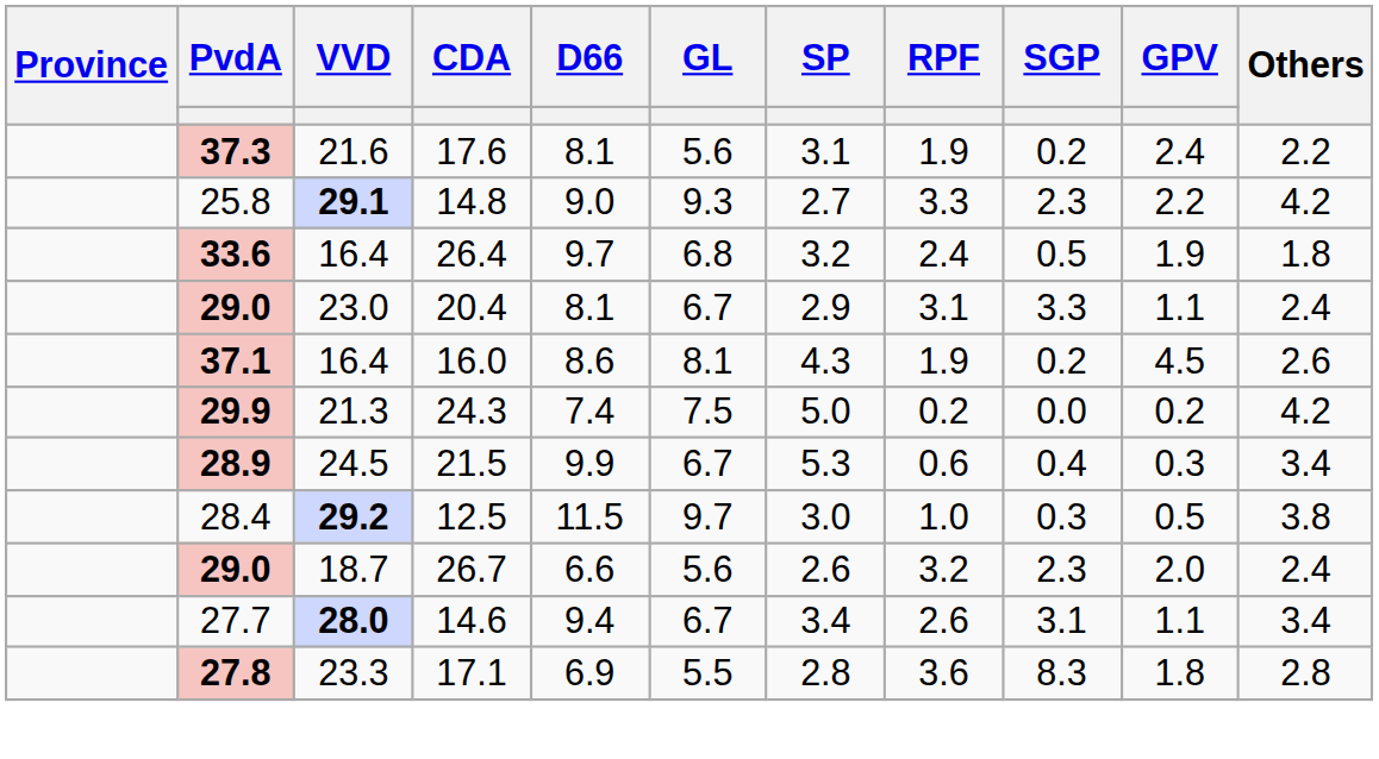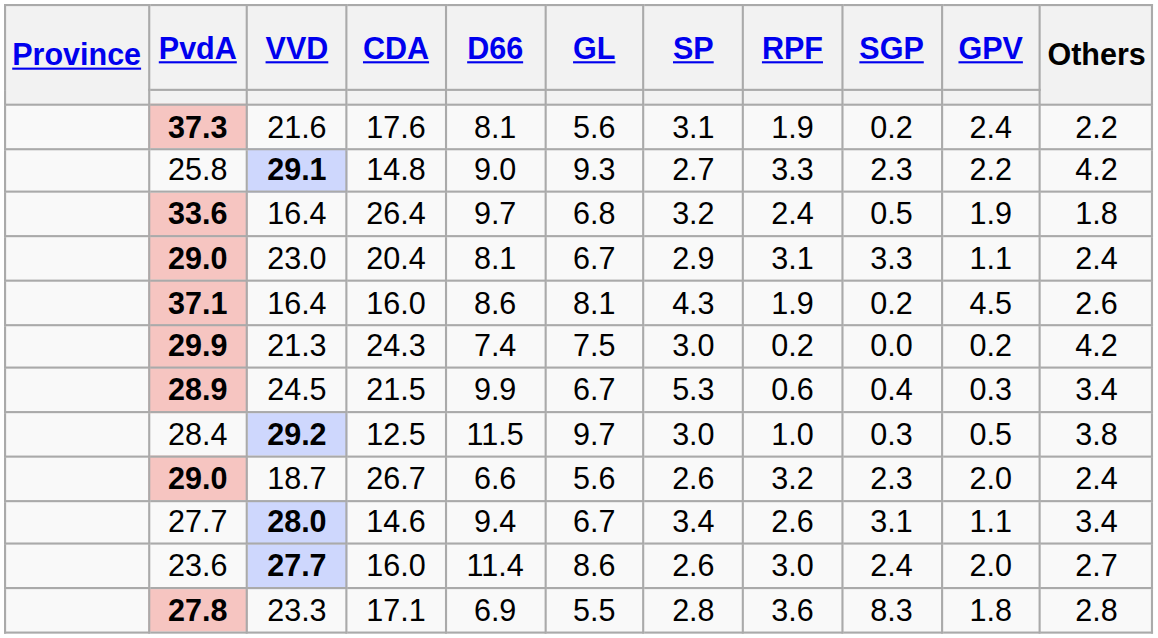 <table class="wikitable sortable" style="text-align:center;font-size:90%;line-height:14px">
 <tr style="height:40px;">
 <th rowspan="2"><a href='#'>Province</a></th>
 <th style="width:40px;"><a href='#'>PvdA</a></th>
 <th style="width:40px;"><a href='#'>VVD</a></th>
 <th style="width:40px;"><a href='#'>CDA</a></th>
 <th style="width:40px;"><a href='#'>D66</a></th>
 <th style="width:40px;"><a href='#'>GL</a></th>
 <th style="width:40px;"><a href='#'>SP</a></th>
 <th style="width:40px;"><a href='#'>RPF</a></th>
 <th style="width:40px;"><a href='#'>SGP</a></th>
 <th style="width:40px;"><a href='#'>GPV</a></th>
 <th style="width:40px;" rowspan="2">Others</th>
 </tr>
 <tr>
 <th style="background:"></th>
 <th style="background:"></th>
 <th style="background:"></th>
 <th style="background:"></th>
 <th style="background:"></th>
 <th style="background:"></th>
 <th style="background:"></th>
 <th style="background:"></th>
 <th style="background:"></th>
 </tr>
 <tr>
 <td align="left"></td>
 <td style="background:#F6C5C1;"><strong>37.3</strong></td>
 <td>21.6</td>
 <td>17.6</td>
 <td>8.1</td>
 <td>5.6</td>
 <td>3.1</td>
 <td>1.9</td>
 <td>0.2</td>
 <td>2.4</td>
 <td>2.2</td>
 </tr>
 <tr>
 <td align="left"></td>
 <td>25.8</td>
 <td style="background:#CED7FD;"><strong>29.1</strong></td>
 <td>14.8</td>
 <td>9.0</td>
 <td>9.3</td>
 <td>2.7</td>
 <td>3.3</td>
 <td>2.3</td>
 <td>2.2</td>
 <td>4.2</td>
 </tr>
 <tr>
 <td align="left"></td>
 <td style="background:#F6C5C1;"><strong>33.6</strong></td>
 <td>16.4</td>
 <td>26.4</td>
 <td>9.7</td>
 <td>6.8</td>
 <td>3.2</td>
 <td>2.4</td>
 <td>0.5</td>
 <td>1.9</td>
 <td>1.8</td>
 </tr>
 <tr>
 <td align="left"></td>
 <td style="background:#F6C5C1;"><strong>29.0</strong></td>
 <td>23.0</td>
 <td>20.4</td>
 <td>8.1</td>
 <td>6.7</td>
 <td>2.9</td>
 <td>3.1</td>
 <td>3.3</td>
 <td>1.1</td>
 <td>2.4</td>
 </tr>
 <tr>
 <td align="left"></td>
 <td style="background:#F6C5C1;"><strong>37.1</strong></td>
 <td>16.4</td>
 <td>16.0</td>
 <td>8.6</td>
 <td>8.1</td>
 <td>4.3</td>
 <td>1.9</td>
 <td>0.2</td>
 <td>4.5</td>
 <td>2.6</td>
 </tr>
 <tr>
 <td align="left"></td>
 <td style="background:#F6C5C1;"><strong>29.9</strong></td>
 <td>21.3</td>
 <td>24.3</td>
 <td>7.4</td>
 <td>7.5</td>
-<td>5.0</td>
+<td>3.0</td>
 <td>0.2</td>
 <td>0.0</td>
 <td>0.2</td>
 <td>4.2</td>
 </tr>
 <tr>
 <td align="left"></td>
 <td style="background:#F6C5C1;"><strong>28.9</strong></td>
 <td>24.5</td>
 <td>21.5</td>
 <td>9.9</td>
 <td>6.7</td>
 <td>5.3</td>
 <td>0.6</td>
 <td>0.4</td>
 <td>0.3</td>
 <td>3.4</td>
 </tr>
 <tr>
 <td align="left"></td>
 <td>28.4</td>
 <td style="background:#CED7FD;"><strong>29.2</strong></td>
 <td>12.5</td>
 <td>11.5</td>
 <td>9.7</td>
 <td>3.0</td>
 <td>1.0</td>
 <td>0.3</td>
 <td>0.5</td>
 <td>3.8</td>
 </tr>
 <tr>
 <td align="left"></td>
 <td style="background:#F6C5C1;"><strong>29.0</strong></td>
 <td>18.7</td>
 <td>26.7</td>
 <td>6.6</td>
 <td>5.6</td>
 <td>2.6</td>
 <td>3.2</td>
 <td>2.3</td>
 <td>2.0</td>
 <td>2.4</td>
 </tr>
 <tr>
 <td align="left"></td>
 <td>27.7</td>
 <td style="background:#CED7FD;"><strong>28.0</strong></td>
 <td>14.6</td>
 <td>9.4</td>
 <td>6.7</td>
 <td>3.4</td>
 <td>2.6</td>
 <td>3.1</td>
 <td>1.1</td>
 <td>3.4</td>
 </tr>
 <tr>
 <td align="left"></td>
+<td>23.6</td>
+<td style="background:#CED7FD;"><strong>27.7</strong></td>
+<td>16.0</td>
+<td>11.4</td>
+<td>8.6</td>
+<td>2.6</td>
+<td>3.0</td>
+<td>2.4</td>
+<td>2.0</td>
+<td>2.7</td>
+</tr>
+<tr>
+<td align="left"></td>
 <td style="background:#F6C5C1;"><strong>27.8</strong></td>
 <td>23.3</td>
 <td>17.1</td>
 <td>6.9</td>
 <td>5.5</td>
 <td>2.8</td>
 <td>3.6</td>
 <td>8.3</td>
 <td>1.8</td>
 <td>2.8</td>
 </tr>
 </table>
